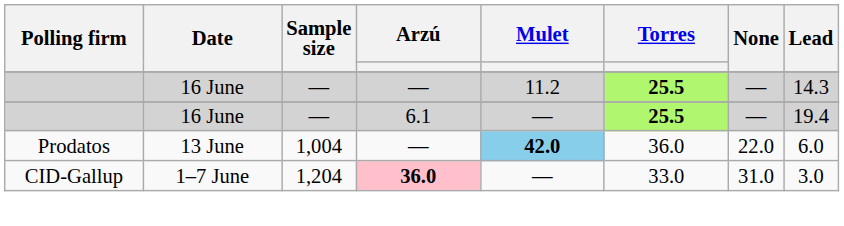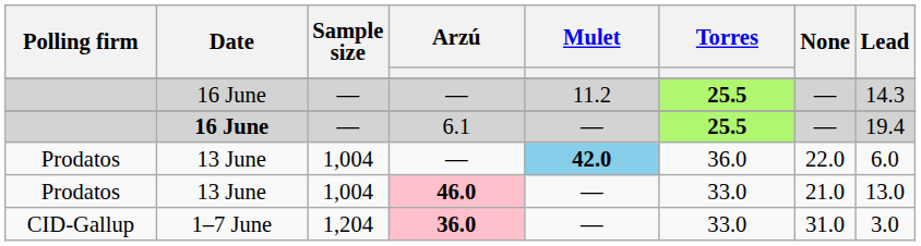 <table class="wikitable sortable" style="text-align:center;font-size:90%;line-height:14px;">
 <tr style="height:40px;">
 <th style="width:90px;" rowspan="2">Polling firm</th>
 <th style="width:90px;" rowspan="2">Date</th>
 <th style="width:25px;" rowspan="2">Sample size</th>
 <th class="unsortable" style="width:80px;">Arzú<br></th>
 <th class="unsortable" style="width:80px;"><a href='#'>Mulet</a><br></th>
 <th class="unsortable" style="width:80px;"><a href='#'>Torres</a><br></th>
 <th style="width:30px;" rowspan="2">None</th>
 <th style="width:30px;" rowspan="2">Lead</th>
 </tr>
 <tr>
 <th style="background:"></th>
 <th style="background:"></th>
 <th style="background:"></th>
 </tr>
 <tr>
 </tr>
 <tr style="background:lightgray;">
 <td></td>
 <td>16 June</td>
 <td>—</td>
 <td>—</td>
 <td>11.2</td>
 <td style="background:#b0f76f;"><strong>25.5</strong></td>
 <td>—</td>
 <td style="background:">14.3</td>
 </tr>
 <tr>
 </tr>
 <tr style="background:lightgray;">
 <td></td>
-<td>16 June</td>
+<td><strong>16 June</strong></td>
 <td>—</td>
 <td>6.1</td>
 <td>—</td>
 <td style="background:#b0f76f;"><strong>25.5</strong></td>
 <td>—</td>
 <td style="background:">19.4</td>
 </tr>
 <tr>
 <td>Prodatos</td>
 <td>13 June</td>
 <td>1,004</td>
 <td>—</td>
 <td style="background:skyblue;"><strong>42.0</strong></td>
 <td>36.0</td>
 <td>22.0</td>
 <td style="background:">6.0</td>
 </tr>
 <tr>
+<td>Prodatos</td>
+<td>13 June</td>
+<td>1,004</td>
+<td style="background:pink;"><strong>46.0</strong></td>
+<td>—</td>
+<td>33.0</td>
+<td>21.0</td>
+<td style="background:">13.0</td>
+</tr>
+<tr>
 <td>CID-Gallup</td>
 <td>1–7 June</td>
 <td>1,204</td>
 <td style="background:pink;"><strong>36.0</strong></td>
 <td>—</td>
 <td>33.0</td>
 <td>31.0</td>
 <td style="background:">3.0</td>
 </tr>
 </table>
